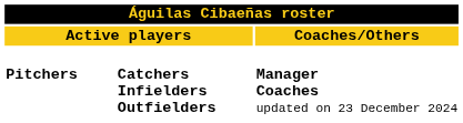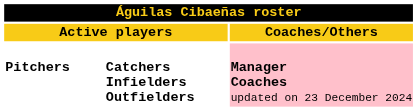 <table class="toccolours" style="font-size: 95%;">
 <tr>
 <th colspan="10" style="background-color: #000000; color: #F8CB17; text-align: center;"><strong>Águilas Cibaeñas roster</strong></th>
 </tr>
 <tr>
 <td colspan="4" style="background-color: #F8CB17; color: #000000; text-align: center;"><strong>Active players</strong></td>
 <td colspan="1" style="background-color: #F8CB17; color: #000000; text-align: center;"><strong>Coaches/Others</strong></td>
 </tr>
 <tr>
 <td valign="top"><br><strong>Pitchers</strong>           </td>
 <td width="25px"></td>
 <td valign="top"><br><strong>Catchers</strong>   <br><strong>Infielders</strong>         <br><strong>Outfielders</strong>      </td>
 <td width="25px"></td>
-<td valign="top"><br><strong>Manager</strong> <br><strong>Coaches</strong>          <br><small><span></span> updated on 23 December 2024</small></td>
+<td valign="top" style="background: pink;"><br><strong>Manager</strong> <br><strong>Coaches</strong>          <br><small><span></span> updated on 23 December 2024</small></td>
 </tr>
 </table>
